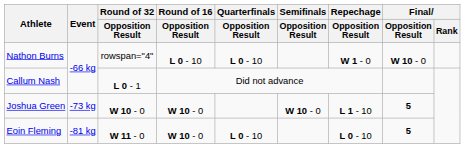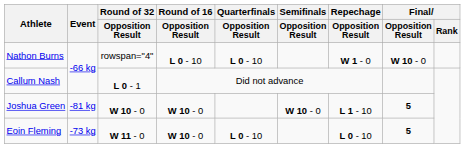 <table class="wikitable" style="font-size:90%;">
 <tr>
 <th rowspan=2>Athlete</th>
 <th rowspan=2>Event</th>
 <th>Round of 32</th>
 <th>Round of 16</th>
 <th>Quarterfinals</th>
 <th>Semifinals</th>
 <th>Repechage</th>
 <th colspan=2>Final/</th>
 </tr>
 <tr style="font-size:95%">
 <th>Opposition<br>Result</th>
 <th>Opposition<br>Result</th>
 <th>Opposition<br>Result</th>
 <th>Opposition<br>Result</th>
 <th>Opposition<br>Result</th>
 <th>Opposition<br>Result</th>
 <th>Rank</th>
 </tr>
 <tr align=center>
 <td align=left><a href='#'>Nathon Burns</a></td>
 <td align=left rowspan=2><a href='#'>-66 kg</a></td>
 <td>rowspan="4"</td>
 <td><br><strong>L</strong> <strong>0</strong> - 10</td>
 <td><br><strong>L</strong> <strong>0</strong> - 10</td>
 <td></td>
 <td><br><strong>W</strong> <strong>1</strong> - 0</td>
 <td><br><strong>W</strong> <strong>10</strong> - 0</td>
 <td></td>
 </tr>
 <tr align=center>
 <td align=left><a href='#'>Callum Nash</a></td>
 <td><br><strong>L</strong> <strong>0</strong> - 1</td>
 <td colspan="4">Did not advance</td>
 <td></td>
 </tr>
 <tr align=center>
 <td align=left><a href='#'>Joshua Green</a></td>
-<td align=left><a href='#'>-73 kg</a></td>
+<td align=left><a href='#'>-81 kg</a></td>
 <td><br><strong>W</strong> <strong>10</strong> - 0</td>
 <td><br><strong>W</strong> <strong>10</strong> - 0</td>
 <td></td>
 <td><br><strong>W</strong> <strong>10</strong> - 0</td>
 <td><br><strong>L</strong> <strong>1</strong> - 10</td>
 <td><strong>5</strong></td>
 </tr>
 <tr align=center>
 <td align=left><a href='#'>Eoin Fleming</a></td>
-<td align=left><a href='#'>-81 kg</a></td>
+<td align=left><a href='#'>-73 kg</a></td>
 <td><br><strong>W</strong> <strong>11</strong> - 0</td>
 <td><br><strong>W</strong> <strong>10</strong> - 0</td>
 <td><br><strong>L</strong> <strong>0</strong> - 10</td>
 <td></td>
 <td><br><strong>L</strong> <strong>0</strong> - 10</td>
 <td><strong>5</strong></td>
 </tr>
 </table>
